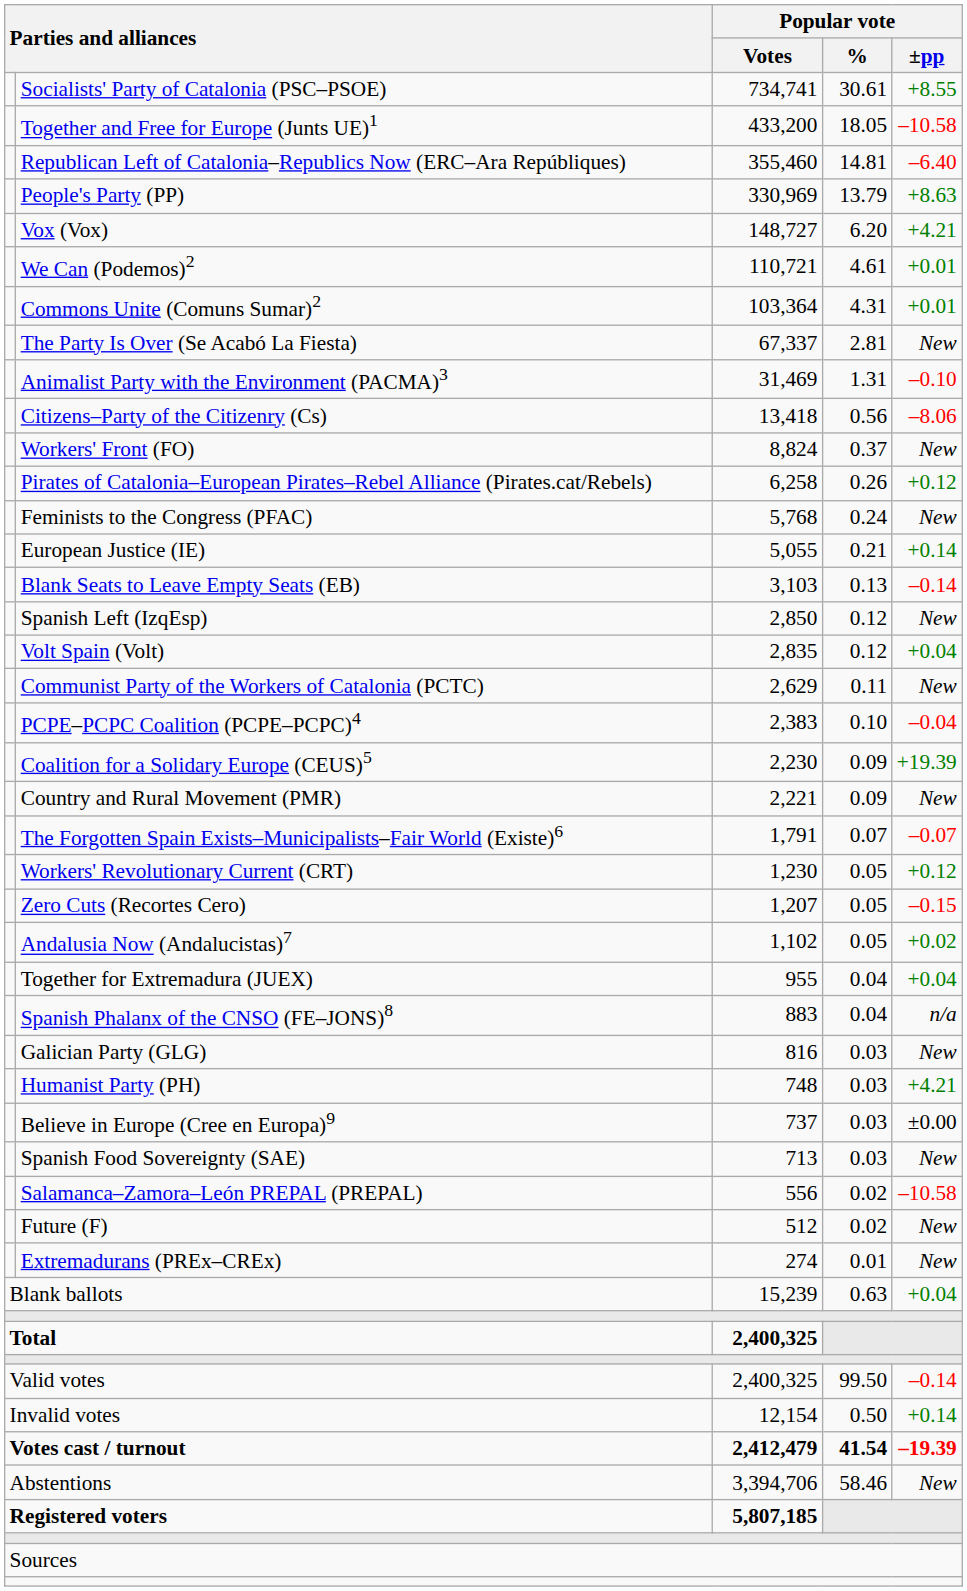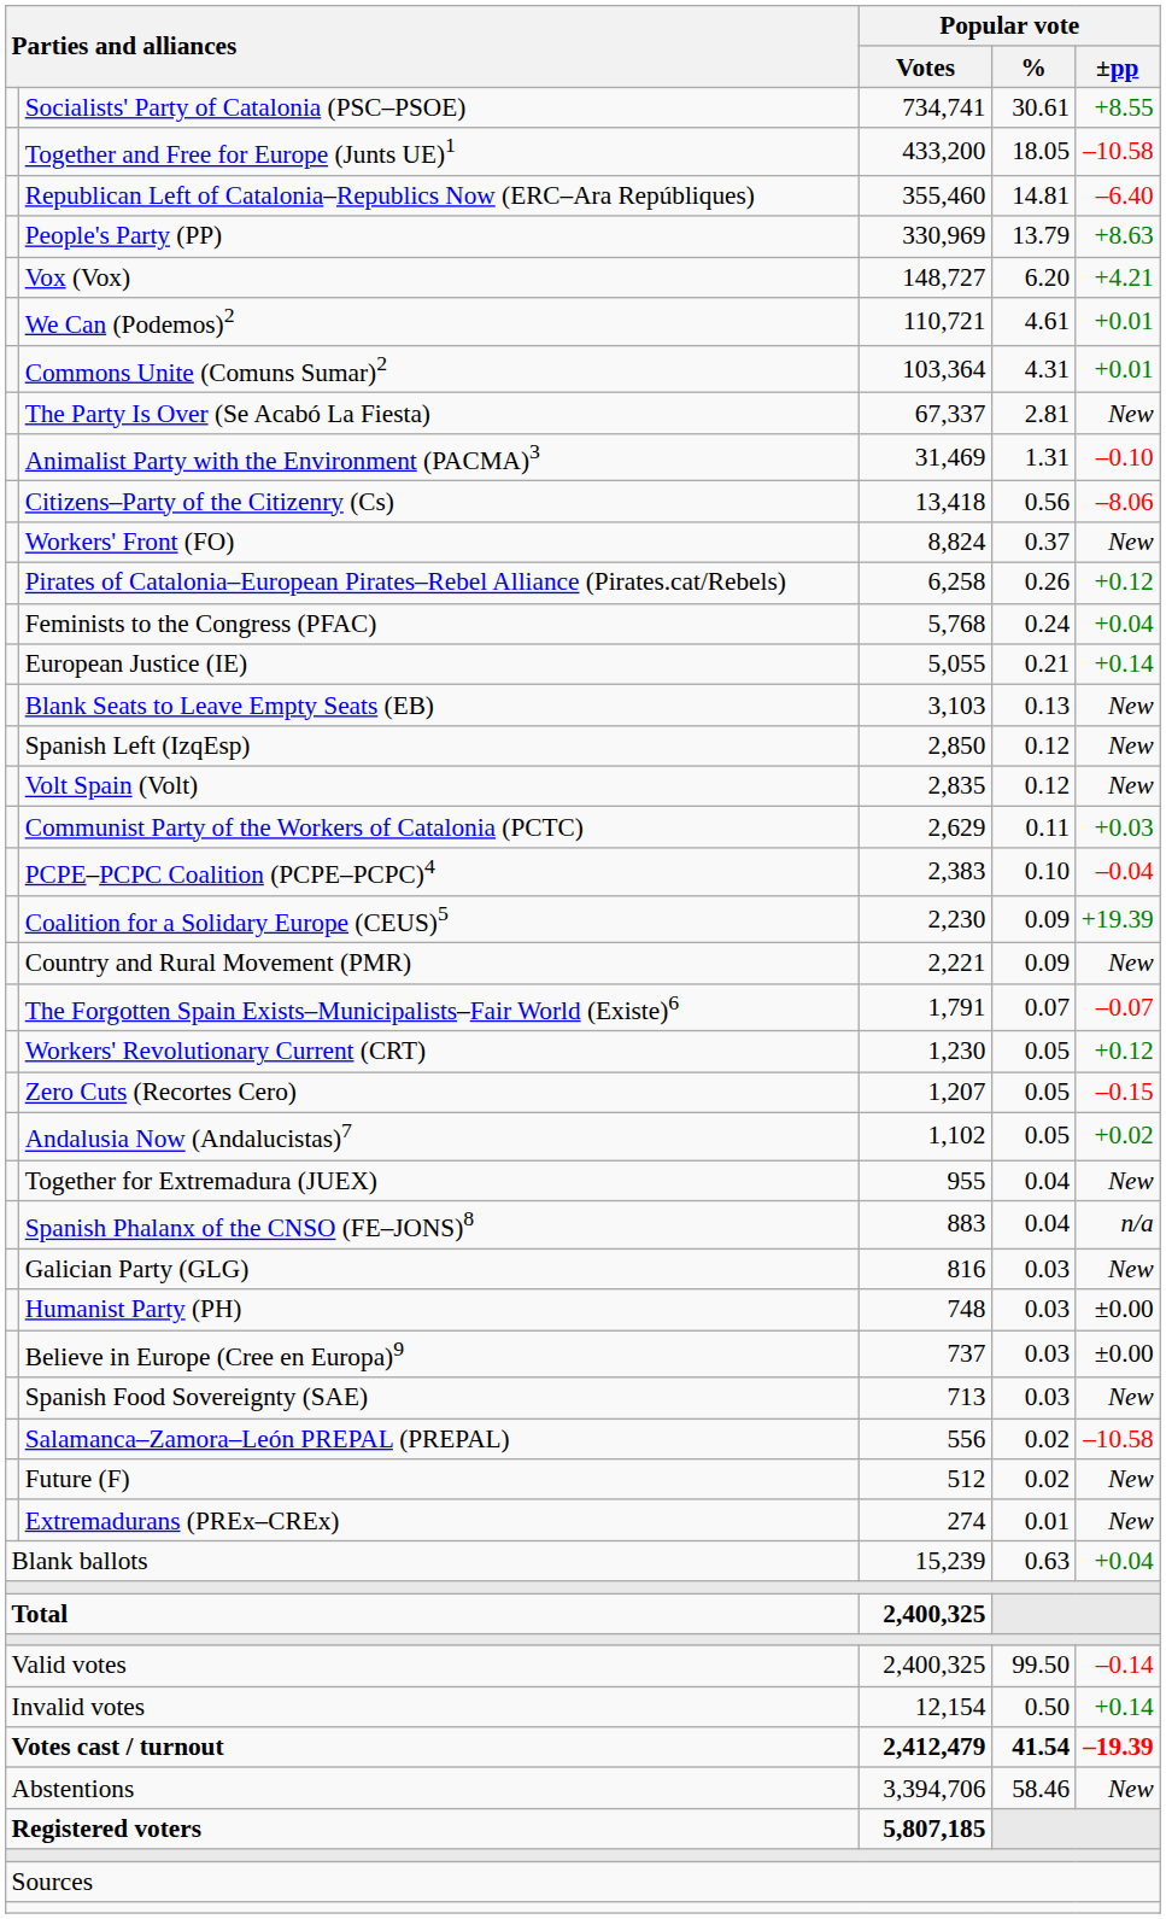 <table class="wikitable" style="text-align:right;">
 <tr>
 <th style="text-align:left;" rowspan="2" colspan="2" width="525">Parties and alliances</th>
 <th colspan="3">Popular vote</th>
 </tr>
 <tr bgcolor="#E9E9E9" align="center">
 <th width="75">Votes</th>
 <th width="45">%</th>
 <th width="45">±<a href='#'>pp</a></th>
 </tr>
 <tr>
 <td width="1" style="color:inherit;background:"></td>
 <td align="left"><a href='#'>Socialists' Party of Catalonia</a> (PSC–PSOE)</td>
 <td>734,741</td>
 <td>30.61</td>
 <td style="color:green;">+8.55</td>
 </tr>
 <tr>
 <td style="color:inherit;background:"></td>
 <td align="left"><a href='#'>Together and Free for Europe</a> (Junts UE)<sup>1</sup></td>
 <td>433,200</td>
 <td>18.05</td>
 <td style="color:red;">–10.58</td>
 </tr>
 <tr>
 <td style="color:inherit;background:"></td>
 <td align="left"><a href='#'>Republican Left of Catalonia</a>–<a href='#'>Republics Now</a> (ERC–Ara Repúbliques)</td>
 <td>355,460</td>
 <td>14.81</td>
 <td style="color:red;">–6.40</td>
 </tr>
 <tr>
 <td style="color:inherit;background:"></td>
 <td align="left"><a href='#'>People's Party</a> (PP)</td>
 <td>330,969</td>
 <td>13.79</td>
 <td style="color:green;">+8.63</td>
 </tr>
 <tr>
 <td style="color:inherit;background:"></td>
 <td align="left"><a href='#'>Vox</a> (Vox)</td>
 <td>148,727</td>
 <td>6.20</td>
 <td style="color:green;">+4.21</td>
 </tr>
 <tr>
 <td style="color:inherit;background:"></td>
 <td align="left"><a href='#'>We Can</a> (Podemos)<sup>2</sup></td>
 <td>110,721</td>
 <td>4.61</td>
 <td style="color:green;">+0.01</td>
 </tr>
 <tr>
 <td style="color:inherit;background:"></td>
 <td align="left"><a href='#'>Commons Unite</a> (Comuns Sumar)<sup>2</sup></td>
 <td>103,364</td>
 <td>4.31</td>
 <td style="color:green;">+0.01</td>
 </tr>
 <tr>
 <td style="color:inherit;background:"></td>
 <td align="left"><a href='#'>The Party Is Over</a> (Se Acabó La Fiesta)</td>
 <td>67,337</td>
 <td>2.81</td>
 <td><em>New</em></td>
 </tr>
 <tr>
 <td style="color:inherit;background:"></td>
 <td align="left"><a href='#'>Animalist Party with the Environment</a> (PACMA)<sup>3</sup></td>
 <td>31,469</td>
 <td>1.31</td>
 <td style="color:red;">–0.10</td>
 </tr>
 <tr>
 <td style="color:inherit;background:"></td>
 <td align="left"><a href='#'>Citizens–Party of the Citizenry</a> (Cs)</td>
 <td>13,418</td>
 <td>0.56</td>
 <td style="color:red;">–8.06</td>
 </tr>
 <tr>
 <td style="color:inherit;background:"></td>
 <td align="left"><a href='#'>Workers' Front</a> (FO)</td>
 <td>8,824</td>
 <td>0.37</td>
 <td><em>New</em></td>
 </tr>
 <tr>
 <td style="color:inherit;background:"></td>
 <td align="left"><a href='#'>Pirates of Catalonia–European Pirates–Rebel Alliance</a> (Pirates.cat/Rebels)</td>
 <td>6,258</td>
 <td>0.26</td>
 <td style="color:green;">+0.12</td>
 </tr>
 <tr>
 <td style="color:inherit;background:"></td>
 <td align="left">Feminists to the Congress (PFAC)</td>
 <td>5,768</td>
 <td>0.24</td>
-<td><em>New</em></td>
+<td style="color:green;">+0.04</td>
 </tr>
 <tr>
 <td style="color:inherit;background:"></td>
 <td align="left">European Justice (IE)</td>
 <td>5,055</td>
 <td>0.21</td>
 <td style="color:green;">+0.14</td>
 </tr>
 <tr>
 <td style="color:inherit;background:"></td>
 <td align="left"><a href='#'>Blank Seats to Leave Empty Seats</a> (EB)</td>
 <td>3,103</td>
 <td>0.13</td>
-<td style="color:red;">–0.14</td>
+<td><em>New</em></td>
 </tr>
 <tr>
 <td style="color:inherit;background:"></td>
 <td align="left">Spanish Left (IzqEsp)</td>
 <td>2,850</td>
 <td>0.12</td>
 <td><em>New</em></td>
 </tr>
 <tr>
 <td style="color:inherit;background:"></td>
 <td align="left"><a href='#'>Volt Spain</a> (Volt)</td>
 <td>2,835</td>
 <td>0.12</td>
-<td style="color:green;">+0.04</td>
+<td><em>New</em></td>
 </tr>
 <tr>
 <td style="color:inherit;background:"></td>
 <td align="left"><a href='#'>Communist Party of the Workers of Catalonia</a> (PCTC)</td>
 <td>2,629</td>
 <td>0.11</td>
-<td><em>New</em></td>
+<td style="color:green;">+0.03</td>
 </tr>
 <tr>
 <td style="color:inherit;background:"></td>
 <td align="left"><a href='#'>PCPE</a>–<a href='#'>PCPC Coalition</a> (PCPE–PCPC)<sup>4</sup></td>
 <td>2,383</td>
 <td>0.10</td>
 <td style="color:red;">–0.04</td>
 </tr>
 <tr>
 <td style="color:inherit;background:"></td>
 <td align="left"><a href='#'>Coalition for a Solidary Europe</a> (CEUS)<sup>5</sup></td>
 <td>2,230</td>
 <td>0.09</td>
 <td style="color:green;">+19.39</td>
 </tr>
 <tr>
 <td style="color:inherit;background:"></td>
 <td align="left">Country and Rural Movement (PMR)</td>
 <td>2,221</td>
 <td>0.09</td>
 <td><em>New</em></td>
 </tr>
 <tr>
 <td style="color:inherit;background:"></td>
 <td align="left"><a href='#'>The Forgotten Spain Exists–Municipalists</a>–<a href='#'>Fair World</a> (Existe)<sup>6</sup></td>
 <td>1,791</td>
 <td>0.07</td>
 <td style="color:red;">–0.07</td>
 </tr>
 <tr>
 <td style="color:inherit;background:"></td>
 <td align="left"><a href='#'>Workers' Revolutionary Current</a> (CRT)</td>
 <td>1,230</td>
 <td>0.05</td>
 <td style="color:green;">+0.12</td>
 </tr>
 <tr>
 <td style="color:inherit;background:"></td>
 <td align="left"><a href='#'>Zero Cuts</a> (Recortes Cero)</td>
 <td>1,207</td>
 <td>0.05</td>
 <td style="color:red;">–0.15</td>
 </tr>
 <tr>
 <td style="color:inherit;background:"></td>
 <td align="left"><a href='#'>Andalusia Now</a> (Andalucistas)<sup>7</sup></td>
 <td>1,102</td>
 <td>0.05</td>
 <td style="color:green;">+0.02</td>
 </tr>
 <tr>
 <td style="color:inherit;background:"></td>
 <td align="left">Together for Extremadura (JUEX)</td>
 <td>955</td>
 <td>0.04</td>
-<td style="color:green;">+0.04</td>
+<td><em>New</em></td>
 </tr>
 <tr>
 <td style="color:inherit;background:"></td>
 <td align="left"><a href='#'>Spanish Phalanx of the CNSO</a> (FE–JONS)<sup>8</sup></td>
 <td>883</td>
 <td>0.04</td>
 <td><em>n/a</em></td>
 </tr>
 <tr>
 <td style="color:inherit;background:"></td>
 <td align="left">Galician Party (GLG)</td>
 <td>816</td>
 <td>0.03</td>
 <td><em>New</em></td>
 </tr>
 <tr>
 <td style="color:inherit;background:"></td>
 <td align="left"><a href='#'>Humanist Party</a> (PH)</td>
 <td>748</td>
 <td>0.03</td>
-<td style="color:green;">+4.21</td>
+<td>±0.00</td>
 </tr>
 <tr>
 <td style="color:inherit;background:"></td>
 <td align="left">Believe in Europe (Cree en Europa)<sup>9</sup></td>
 <td>737</td>
 <td>0.03</td>
 <td>±0.00</td>
 </tr>
 <tr>
 <td style="color:inherit;background:"></td>
 <td align="left">Spanish Food Sovereignty (SAE)</td>
 <td>713</td>
 <td>0.03</td>
 <td><em>New</em></td>
 </tr>
 <tr>
 <td style="color:inherit;background:"></td>
 <td align="left"><a href='#'>Salamanca–Zamora–León PREPAL</a> (PREPAL)</td>
 <td>556</td>
 <td>0.02</td>
 <td style="color:red;">–10.58</td>
 </tr>
 <tr>
 <td style="color:inherit;background:"></td>
 <td align="left">Future (F)</td>
 <td>512</td>
 <td>0.02</td>
 <td><em>New</em></td>
 </tr>
 <tr>
 <td style="color:inherit;background:"></td>
 <td align="left"><a href='#'>Extremadurans</a> (PREx–CREx)</td>
 <td>274</td>
 <td>0.01</td>
 <td><em>New</em></td>
 </tr>
 <tr>
 <td align="left" colspan="2">Blank ballots</td>
 <td>15,239</td>
 <td>0.63</td>
 <td style="color:green;">+0.04</td>
 </tr>
 <tr>
 <td colspan="5" bgcolor="#E9E9E9"></td>
 </tr>
 <tr style="font-weight:bold;">
 <td align="left" colspan="2">Total</td>
 <td>2,400,325</td>
 <td bgcolor="#E9E9E9" colspan="2"></td>
 </tr>
 <tr>
 <td colspan="5" bgcolor="#E9E9E9"></td>
 </tr>
 <tr>
 <td align="left" colspan="2">Valid votes</td>
 <td>2,400,325</td>
 <td>99.50</td>
 <td style="color:red;">–0.14</td>
 </tr>
 <tr>
 <td align="left" colspan="2">Invalid votes</td>
 <td>12,154</td>
 <td>0.50</td>
 <td style="color:green;">+0.14</td>
 </tr>
 <tr style="font-weight:bold;">
 <td align="left" colspan="2">Votes cast / turnout</td>
 <td>2,412,479</td>
 <td>41.54</td>
 <td style="color:red;">–19.39</td>
 </tr>
 <tr>
 <td align="left" colspan="2">Abstentions</td>
 <td>3,394,706</td>
 <td>58.46</td>
 <td><em>New</em></td>
 </tr>
 <tr style="font-weight:bold;">
 <td align="left" colspan="2">Registered voters</td>
 <td>5,807,185</td>
 <td bgcolor="#E9E9E9" colspan="2"></td>
 </tr>
 <tr>
 <td colspan="5" bgcolor="#E9E9E9"></td>
 </tr>
 <tr>
 <td align="left" colspan="5">Sources</td>
 </tr>
 <tr>
 <td colspan="5" style="text-align:left; max-width:790px;"></td>
 </tr>
 </table>
